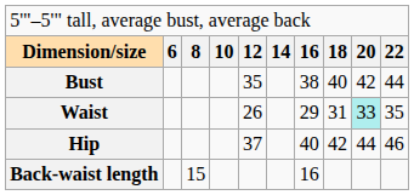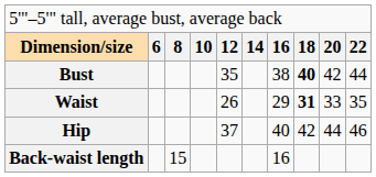 <table class="wikitable">
 <tr>
 <td colspan="11">5'"–5'" tall, average bust, average back</td>
 </tr>
 <tr>
 <th style="background:#ffdead;">Dimension/size</th>
 <th>6</th>
 <th>8</th>
 <th>10</th>
 <th>12</th>
 <th>14</th>
 <th>16</th>
 <th>18</th>
 <th>20</th>
 <th>22</th>
 </tr>
 <tr>
 <th>Bust</th>
 <td></td>
 <td></td>
 <td></td>
 <td>35</td>
 <td></td>
 <td>38</td>
-<td>40</td>
+<td><strong>40</strong></td>
 <td>42</td>
 <td>44</td>
 </tr>
 <tr>
 <th>Waist</th>
 <td></td>
 <td></td>
 <td></td>
 <td>26</td>
 <td></td>
 <td>29</td>
-<td>31</td>
-<td style="background: paleturquoise;">33</td>
+<td><strong>31</strong></td>
+<td>33</td>
 <td>35</td>
 </tr>
 <tr>
 <th>Hip</th>
 <td></td>
 <td></td>
 <td></td>
 <td>37</td>
 <td></td>
 <td>40</td>
 <td>42</td>
 <td>44</td>
 <td>46</td>
 </tr>
 <tr>
 <th>Back-waist length</th>
 <td></td>
 <td>15</td>
 <td></td>
 <td></td>
 <td></td>
 <td>16</td>
 <td></td>
 <td></td>
 <td></td>
 </tr>
 </table>
